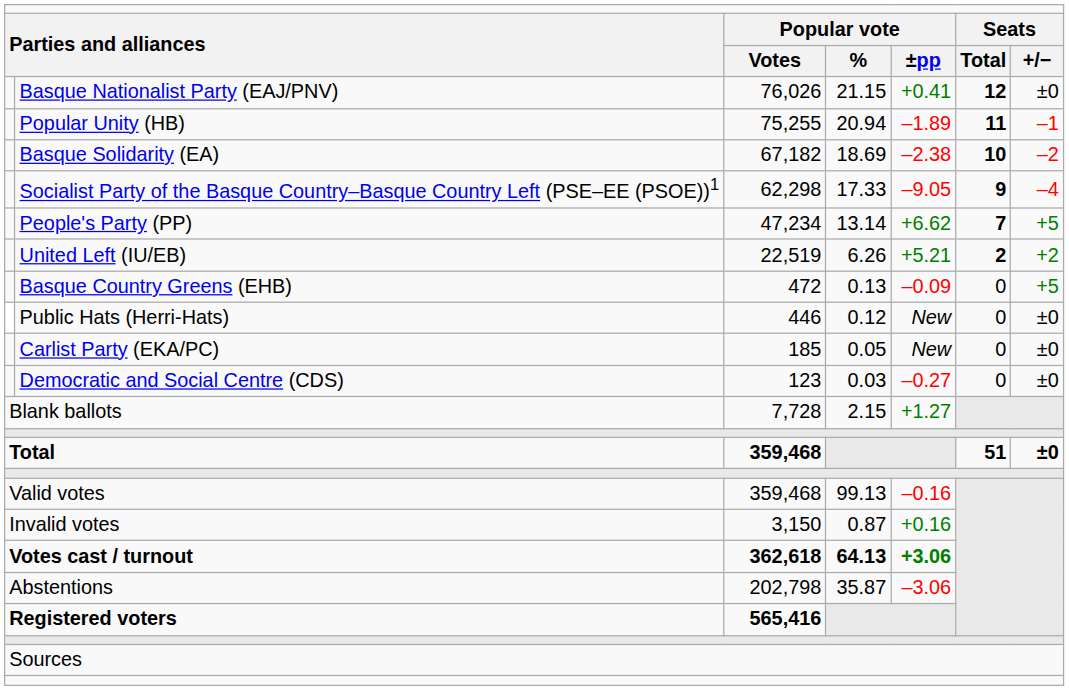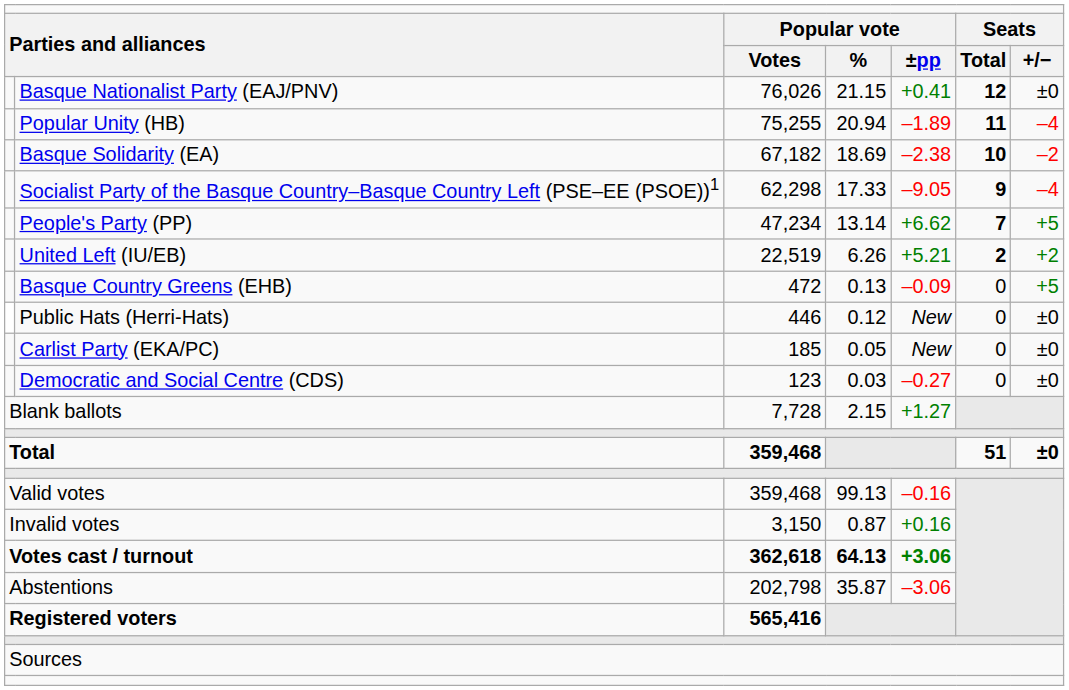 <table class="wikitable" style="text-align:right;">
 <tr>
 <td colspan="7"></td>
 </tr>
 <tr>
 <th style="text-align:left;" rowspan="2" colspan="2" width="525">Parties and alliances</th>
 <th colspan="3">Popular vote</th>
 <th colspan="2">Seats</th>
 </tr>
 <tr>
 <th width="75">Votes</th>
 <th width="45">%</th>
 <th width="45">±<a href='#'>pp</a></th>
 <th width="35">Total</th>
 <th width="35">+/−</th>
 </tr>
 <tr>
 <td width="1" style="color:inherit;background:"></td>
 <td align="left"><a href='#'>Basque Nationalist Party</a> (EAJ/PNV)</td>
 <td>76,026</td>
 <td>21.15</td>
 <td style="color:green;">+0.41</td>
 <td><strong>12</strong></td>
 <td>±0</td>
 </tr>
 <tr>
 <td style="color:inherit;background:"></td>
 <td align="left"><a href='#'>Popular Unity</a> (HB)</td>
 <td>75,255</td>
 <td>20.94</td>
 <td style="color:red;">–1.89</td>
 <td><strong>11</strong></td>
-<td style="color:red;">–1</td>
+<td style="color:red;">–4</td>
 </tr>
 <tr>
 <td style="color:inherit;background:"></td>
 <td align="left"><a href='#'>Basque Solidarity</a> (EA)</td>
 <td>67,182</td>
 <td>18.69</td>
 <td style="color:red;">–2.38</td>
 <td><strong>10</strong></td>
 <td style="color:red;">–2</td>
 </tr>
 <tr>
 <td style="color:inherit;background:"></td>
 <td align="left"><a href='#'>Socialist Party of the Basque Country–Basque Country Left</a> (PSE–EE (PSOE))<sup>1</sup></td>
 <td>62,298</td>
 <td>17.33</td>
 <td style="color:red;">–9.05</td>
 <td><strong>9</strong></td>
 <td style="color:red;">–4</td>
 </tr>
 <tr>
 <td style="color:inherit;background:"></td>
 <td align="left"><a href='#'>People's Party</a> (PP)</td>
 <td>47,234</td>
 <td>13.14</td>
 <td style="color:green;">+6.62</td>
 <td><strong>7</strong></td>
 <td style="color:green;">+5</td>
 </tr>
 <tr>
 <td style="color:inherit;background:"></td>
 <td align="left"><a href='#'>United Left</a> (IU/EB)</td>
 <td>22,519</td>
 <td>6.26</td>
 <td style="color:green;">+5.21</td>
 <td><strong>2</strong></td>
 <td style="color:green;">+2</td>
 </tr>
 <tr>
 <td style="color:inherit;background:"></td>
 <td align="left"><a href='#'>Basque Country Greens</a> (EHB)</td>
 <td>472</td>
 <td>0.13</td>
 <td style="color:red;">–0.09</td>
 <td>0</td>
 <td style="color:green;">+5</td>
 </tr>
 <tr>
 <td bgcolor="white"></td>
 <td align="left">Public Hats (Herri-Hats)</td>
 <td>446</td>
 <td>0.12</td>
 <td><em>New</em></td>
 <td>0</td>
 <td>±0</td>
 </tr>
 <tr>
 <td style="color:inherit;background:"></td>
 <td align="left"><a href='#'>Carlist Party</a> (EKA/PC)</td>
 <td>185</td>
 <td>0.05</td>
 <td><em>New</em></td>
 <td>0</td>
 <td>±0</td>
 </tr>
 <tr>
 <td style="color:inherit;background:"></td>
 <td align="left"><a href='#'>Democratic and Social Centre</a> (CDS)</td>
 <td>123</td>
 <td>0.03</td>
 <td style="color:red;">–0.27</td>
 <td>0</td>
 <td>±0</td>
 </tr>
 <tr>
 <td align="left" colspan="2">Blank ballots</td>
 <td>7,728</td>
 <td>2.15</td>
 <td style="color:green;">+1.27</td>
 <td bgcolor="#E9E9E9" colspan="2"></td>
 </tr>
 <tr>
 <td colspan="7" bgcolor="#E9E9E9"></td>
 </tr>
 <tr style="font-weight:bold;">
 <td align="left" colspan="2">Total</td>
 <td>359,468</td>
 <td bgcolor="#E9E9E9" colspan="2"></td>
 <td>51</td>
 <td>±0</td>
 </tr>
 <tr>
 <td colspan="7" bgcolor="#E9E9E9"></td>
 </tr>
 <tr>
 <td align="left" colspan="2">Valid votes</td>
 <td>359,468</td>
 <td>99.13</td>
 <td style="color:red;">–0.16</td>
 <td bgcolor="#E9E9E9" colspan="2" rowspan="5"></td>
 </tr>
 <tr>
 <td align="left" colspan="2">Invalid votes</td>
 <td>3,150</td>
 <td>0.87</td>
 <td style="color:green;">+0.16</td>
 </tr>
 <tr style="font-weight:bold;">
 <td align="left" colspan="2">Votes cast / turnout</td>
 <td>362,618</td>
 <td>64.13</td>
 <td style="color:green;">+3.06</td>
 </tr>
 <tr>
 <td align="left" colspan="2">Abstentions</td>
 <td>202,798</td>
 <td>35.87</td>
 <td style="color:red;">–3.06</td>
 </tr>
 <tr style="font-weight:bold;">
 <td align="left" colspan="2">Registered voters</td>
 <td>565,416</td>
 <td bgcolor="#E9E9E9" colspan="2"></td>
 </tr>
 <tr>
 <td colspan="7" bgcolor="#E9E9E9"></td>
 </tr>
 <tr>
 <td align="left" colspan="7">Sources</td>
 </tr>
 <tr>
 <td colspan="7" style="text-align:left; max-width:790px;"></td>
 </tr>
 </table>
